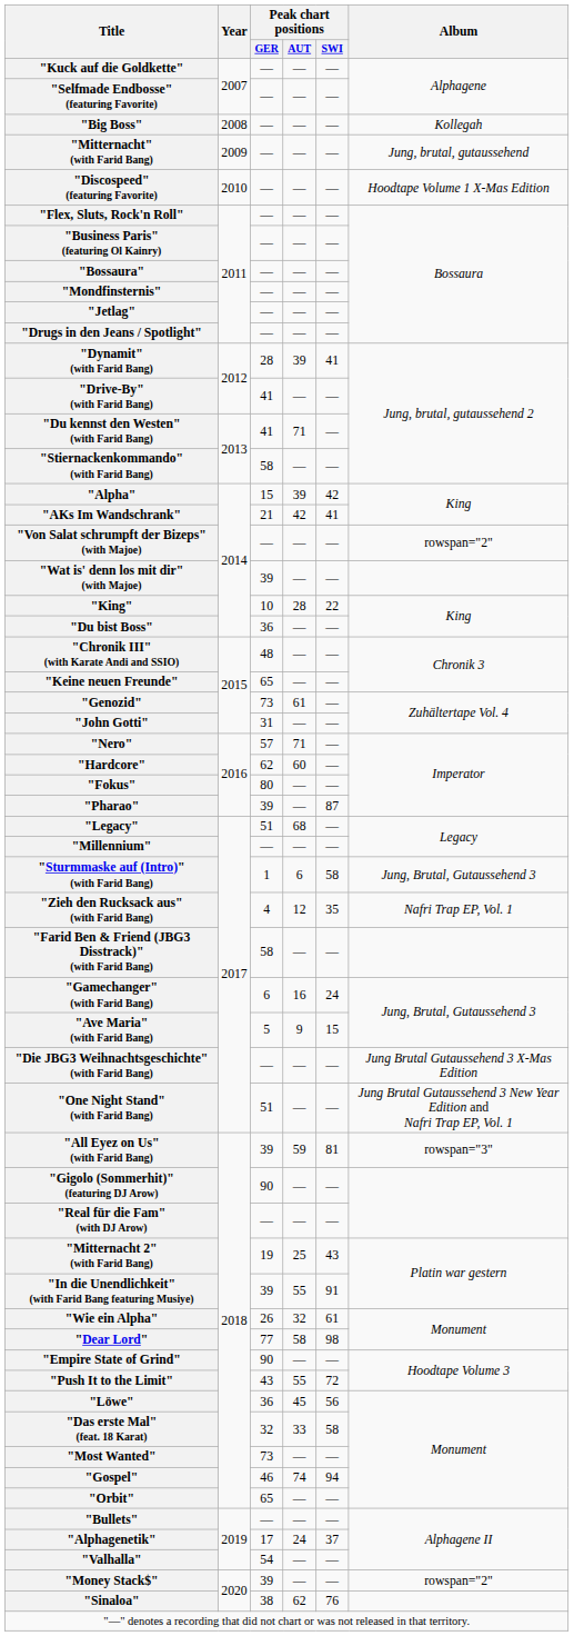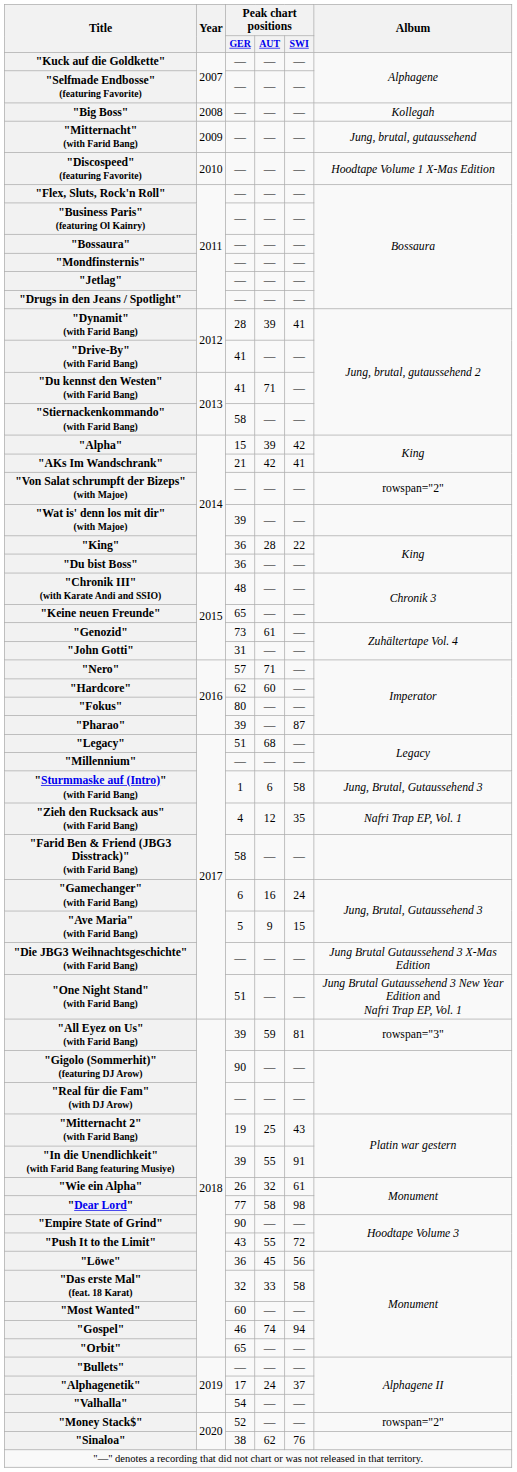 <table class="wikitable plainrowheaders" style="text-align:center;">
 <tr>
 <th scope="col" rowspan="2" style="width:16em;">Title</th>
 <th scope="col" rowspan="2" style="width:1em;">Year</th>
 <th scope="col" colspan="3">Peak chart positions</th>
 <th scope="col" rowspan="2" style="width:16.5em;">Album</th>
 </tr>
 <tr>
 <th style="width:2.5em; font-size:85%"><a href='#'>GER</a><br></th>
 <th style="width:2.5em; font-size:85%"><a href='#'>AUT</a><br></th>
 <th style="width:2.5em; font-size:85%"><a href='#'>SWI</a><br></th>
 </tr>
 <tr>
 <th scope="row">"Kuck auf die Goldkette"</th>
 <td rowspan="2">2007</td>
 <td>—</td>
 <td>—</td>
 <td>—</td>
 <td rowspan="2"><em>Alphagene</em></td>
 </tr>
 <tr>
 <th scope="row">"Selfmade Endbosse"<br><small>(featuring Favorite)</small></th>
 <td>—</td>
 <td>—</td>
 <td>—</td>
 </tr>
 <tr>
 <th scope="row">"Big Boss"</th>
 <td>2008</td>
 <td>—</td>
 <td>—</td>
 <td>—</td>
 <td><em>Kollegah</em></td>
 </tr>
 <tr>
 <th scope="row">"Mitternacht"<br><small>(with Farid Bang)</small></th>
 <td>2009</td>
 <td>—</td>
 <td>—</td>
 <td>—</td>
 <td><em>Jung, brutal, gutaussehend</em></td>
 </tr>
 <tr>
 <th scope="row">"Discospeed"<br><small>(featuring Favorite)</small></th>
 <td>2010</td>
 <td>—</td>
 <td>—</td>
 <td>—</td>
 <td><em>Hoodtape Volume 1 X-Mas Edition</em></td>
 </tr>
 <tr>
 <th scope="row">"Flex, Sluts, Rock'n Roll"</th>
 <td rowspan="6">2011</td>
 <td>—</td>
 <td>—</td>
 <td>—</td>
 <td rowspan="6"><em>Bossaura</em></td>
 </tr>
 <tr>
 <th scope="row">"Business Paris"<br><small>(featuring Ol Kainry)</small></th>
 <td>—</td>
 <td>—</td>
 <td>—</td>
 </tr>
 <tr>
 <th scope="row">"Bossaura"</th>
 <td>—</td>
 <td>—</td>
 <td>—</td>
 </tr>
 <tr>
 <th scope="row">"Mondfinsternis"</th>
 <td>—</td>
 <td>—</td>
 <td>—</td>
 </tr>
 <tr>
 <th scope="row">"Jetlag"</th>
 <td>—</td>
 <td>—</td>
 <td>—</td>
 </tr>
 <tr>
 <th scope="row">"Drugs in den Jeans / Spotlight"</th>
 <td>—</td>
 <td>—</td>
 <td>—</td>
 </tr>
 <tr>
 <th scope="row">"Dynamit"<br><small>(with Farid Bang)</small></th>
 <td rowspan="2">2012</td>
 <td>28</td>
 <td>39</td>
 <td>41</td>
 <td rowspan="4"><em>Jung, brutal, gutaussehend 2</em></td>
 </tr>
 <tr>
 <th scope="row">"Drive-By"<br><small>(with Farid Bang)</small></th>
 <td>41</td>
 <td>—</td>
 <td>—</td>
 </tr>
 <tr>
 <th scope="row">"Du kennst den Westen"<br><small>(with Farid Bang)</small></th>
 <td rowspan="2">2013</td>
 <td>41</td>
 <td>71</td>
 <td>—</td>
 </tr>
 <tr>
 <th scope="row">"Stiernackenkommando"<br><small>(with Farid Bang)</small></th>
 <td>58</td>
 <td>—</td>
 <td>—</td>
 </tr>
 <tr>
 <th scope="row">"Alpha"</th>
 <td rowspan="6">2014</td>
 <td>15</td>
 <td>39</td>
 <td>42</td>
 <td rowspan="2"><em>King</em></td>
 </tr>
 <tr>
 <th scope="row">"AKs Im Wandschrank"</th>
 <td>21</td>
 <td>42</td>
 <td>41</td>
 </tr>
 <tr>
 <th scope="row">"Von Salat schrumpft der Bizeps"<br><small>(with Majoe)</small></th>
 <td>—</td>
 <td>—</td>
 <td>—</td>
 <td>rowspan="2" </td>
 </tr>
 <tr>
 <th scope="row">"Wat is' denn los mit dir"<br><small>(with Majoe)</small></th>
 <td>39</td>
 <td>—</td>
 <td>—</td>
 </tr>
 <tr>
 <th scope="row">"King"</th>
-<td>10</td>
+<td>36</td>
 <td>28</td>
 <td>22</td>
 <td rowspan="2"><em>King</em></td>
 </tr>
 <tr>
 <th scope="row">"Du bist Boss"</th>
 <td>36</td>
 <td>—</td>
 <td>—</td>
 </tr>
 <tr>
 <th scope="row">"Chronik III"<br><small>(with Karate Andi and SSIO)</small></th>
 <td rowspan="4">2015</td>
 <td>48</td>
 <td>—</td>
 <td>—</td>
 <td rowspan="2"><em>Chronik 3</em></td>
 </tr>
 <tr>
 <th scope="row">"Keine neuen Freunde"</th>
 <td>65</td>
 <td>—</td>
 <td>—</td>
 </tr>
 <tr>
 <th scope="row">"Genozid"</th>
 <td>73</td>
 <td>61</td>
 <td>—</td>
 <td rowspan="2"><em>Zuhältertape Vol. 4</em></td>
 </tr>
 <tr>
 <th scope="row">"John Gotti"</th>
 <td>31</td>
 <td>—</td>
 <td>—</td>
 </tr>
 <tr>
 <th scope="row">"Nero"</th>
 <td rowspan="4">2016</td>
 <td>57</td>
 <td>71</td>
 <td>—</td>
 <td rowspan="4"><em>Imperator</em></td>
 </tr>
 <tr>
 <th scope="row">"Hardcore"</th>
 <td>62</td>
 <td>60</td>
 <td>—</td>
 </tr>
 <tr>
 <th scope="row">"Fokus"</th>
 <td>80</td>
 <td>—</td>
 <td>—</td>
 </tr>
 <tr>
 <th scope="row">"Pharao"</th>
 <td>39</td>
 <td>—</td>
 <td>87</td>
 </tr>
 <tr>
 <th scope="row">"Legacy"</th>
 <td rowspan="9">2017</td>
 <td>51</td>
 <td>68</td>
 <td>—</td>
 <td rowspan="2"><em>Legacy</em></td>
 </tr>
 <tr>
 <th scope="row">"Millennium"</th>
 <td>—</td>
 <td>—</td>
 <td>—</td>
 </tr>
 <tr>
 <th scope="row">"<a href='#'>Sturmmaske auf (Intro)</a>"<br><small>(with Farid Bang)</small></th>
 <td>1</td>
 <td>6</td>
 <td>58</td>
 <td><em>Jung, Brutal, Gutaussehend 3</em></td>
 </tr>
 <tr>
 <th scope="row">"Zieh den Rucksack aus"<br><small>(with Farid Bang)</small></th>
 <td>4</td>
 <td>12</td>
 <td>35</td>
 <td><em>Nafri Trap EP, Vol. 1</em></td>
 </tr>
 <tr>
 <th scope="row">"Farid Ben & Friend (JBG3 Disstrack)"<br><small>(with Farid Bang)</small></th>
 <td>58</td>
 <td>—</td>
 <td>—</td>
 <td></td>
 </tr>
 <tr>
 <th scope="row">"Gamechanger"<br><small>(with Farid Bang)</small></th>
 <td>6</td>
 <td>16</td>
 <td>24</td>
 <td rowspan="2"><em>Jung, Brutal, Gutaussehend 3</em></td>
 </tr>
 <tr>
 <th scope="row">"Ave Maria"<br><small>(with Farid Bang)</small></th>
 <td>5</td>
 <td>9</td>
 <td>15</td>
 </tr>
 <tr>
 <th scope="row">"Die JBG3 Weihnachtsgeschichte"<br><small>(with Farid Bang)</small></th>
 <td>—</td>
 <td>—</td>
 <td>—</td>
 <td><em>Jung Brutal Gutaussehend 3 X-Mas Edition</em></td>
 </tr>
 <tr>
 <th scope="row">"One Night Stand"<br><small>(with Farid Bang)</small></th>
 <td>51</td>
 <td>—</td>
 <td>—</td>
 <td><em>Jung Brutal Gutaussehend 3 New Year Edition</em> and <br> <em>Nafri Trap EP, Vol. 1</em></td>
 </tr>
 <tr>
 <th scope="row">"All Eyez on Us"<br><small>(with Farid Bang)</small></th>
 <td rowspan="14">2018</td>
 <td>39</td>
 <td>59</td>
 <td>81</td>
 <td>rowspan="3" </td>
 </tr>
 <tr>
 <th scope="row">"Gigolo (Sommerhit)"<br><small>(featuring DJ Arow)</small></th>
 <td>90</td>
 <td>—</td>
 <td>—</td>
 </tr>
 <tr>
 <th scope="row">"Real für die Fam"<br><small>(with DJ Arow)</small></th>
 <td>—</td>
 <td>—</td>
 <td>—</td>
 </tr>
 <tr>
 <th scope="row">"Mitternacht 2"<br><small>(with Farid Bang)</small></th>
 <td>19</td>
 <td>25</td>
 <td>43</td>
 <td rowspan="2"><em>Platin war gestern</em></td>
 </tr>
 <tr>
 <th scope="row">"In die Unendlichkeit"<br><small>(with Farid Bang featuring Musiye)</small></th>
 <td>39</td>
 <td>55</td>
 <td>91</td>
 </tr>
 <tr>
 <th scope="row">"Wie ein Alpha"</th>
 <td>26</td>
 <td>32</td>
 <td>61</td>
 <td rowspan="2"><em>Monument</em></td>
 </tr>
 <tr>
 <th scope="row">"<a href='#'>Dear Lord</a>"</th>
 <td>77</td>
 <td>58</td>
 <td>98</td>
 </tr>
 <tr>
 <th scope="row">"Empire State of Grind"</th>
 <td>90</td>
 <td>—</td>
 <td>—</td>
 <td rowspan="2"><em>Hoodtape Volume 3</em></td>
 </tr>
 <tr>
 <th scope="row">"Push It to the Limit"</th>
 <td>43</td>
 <td>55</td>
 <td>72</td>
 </tr>
 <tr>
 <th scope="row">"Löwe"</th>
 <td>36</td>
 <td>45</td>
 <td>56</td>
 <td rowspan="5"><em>Monument</em></td>
 </tr>
 <tr>
 <th scope="row">"Das erste Mal"<br><small>(feat. 18 Karat)</small></th>
 <td>32</td>
 <td>33</td>
 <td>58</td>
 </tr>
 <tr>
 <th scope="row">"Most Wanted"</th>
-<td>73</td>
+<td>60</td>
 <td>—</td>
 <td>—</td>
 </tr>
 <tr>
 <th scope="row">"Gospel"</th>
 <td>46</td>
 <td>74</td>
 <td>94</td>
 </tr>
 <tr>
 <th scope="row">"Orbit"</th>
 <td>65</td>
 <td>—</td>
 <td>—</td>
 </tr>
 <tr>
 <th scope="row">"Bullets"<br></th>
 <td rowspan="3">2019</td>
 <td>—</td>
 <td>—</td>
 <td>—</td>
 <td rowspan="3"><em>Alphagene II</em></td>
 </tr>
 <tr>
 <th scope="row">"Alphagenetik"</th>
 <td>17</td>
 <td>24</td>
 <td>37</td>
 </tr>
 <tr>
 <th scope="row">"Valhalla"</th>
 <td>54</td>
 <td>—</td>
 <td>—</td>
 </tr>
 <tr>
 <th scope="row">"Money Stack$"<br></th>
 <td rowspan="2">2020</td>
-<td>39</td>
+<td>52</td>
 <td>—</td>
 <td>—</td>
 <td>rowspan="2" </td>
 </tr>
 <tr>
 <th scope="row">"Sinaloa"<br></th>
 <td>38</td>
 <td>62</td>
 <td>76</td>
 </tr>
 <tr>
 <td colspan="6" style="font-size:90%">"—" denotes a recording that did not chart or was not released in that territory.</td>
 </tr>
 </table>
